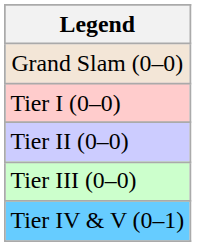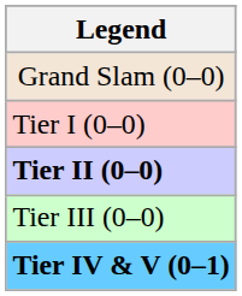 <table class=wikitable style=font-size:85%>
 <tr>
 <th>Legend</th>
 </tr>
 <tr>
 <td align=center colspan=2 style="background:#f3e6d7;">Grand Slam (0–0)</td>
 </tr>
 <tr>
 <td bgcolor=#ffcccc>Tier I (0–0)</td>
 </tr>
 <tr>
-<td bgcolor=#ccccff>Tier II (0–0)</td>
+<td bgcolor=#ccccff><strong>Tier II (0–0)</strong></td>
 </tr>
 <tr>
 <td bgcolor=#CCFFCC>Tier III (0–0)</td>
 </tr>
 <tr>
-<td bgcolor=#66CCFF>Tier IV & V (0–1)</td>
+<td bgcolor=#66CCFF><strong>Tier IV & V (0–1)</strong></td>
 </tr>
 </table>
